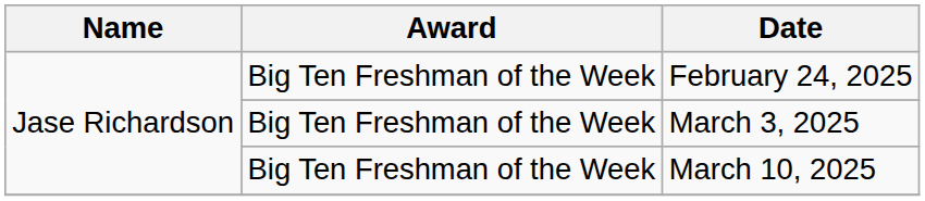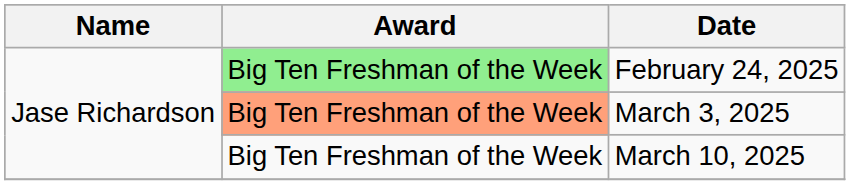 <table class=wikitable "border="1">
 <tr>
 <th>Name</th>
 <th>Award</th>
 <th>Date</th>
 </tr>
 <tr>
 <td rowspan=3>Jase Richardson</td>
-<td>Big Ten Freshman of the Week</td>
+<td style="background: lightgreen;">Big Ten Freshman of the Week</td>
 <td>February 24, 2025</td>
 </tr>
 <tr>
-<td>Big Ten Freshman of the Week</td>
+<td style="background: lightsalmon;">Big Ten Freshman of the Week</td>
 <td>March 3, 2025</td>
 </tr>
 <tr>
 <td>Big Ten Freshman of the Week</td>
 <td>March 10, 2025</td>
 </tr>
 <tr>
 </tr>
 </table>
